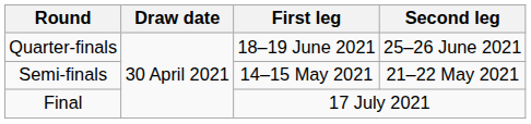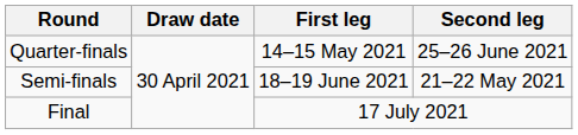 <table class="wikitable" style="text-align:center">
 <tr>
 <th>Round</th>
 <th>Draw date</th>
 <th>First leg</th>
 <th>Second leg</th>
 </tr>
 <tr>
 <td>Quarter-finals</td>
 <td rowspan=3>30 April 2021</td>
-<td>18–19 June 2021</td>
+<td>14–15 May 2021</td>
 <td>25–26 June 2021</td>
 </tr>
 <tr>
 <td>Semi-finals</td>
-<td>14–15 May 2021</td>
+<td>18–19 June 2021</td>
 <td>21–22 May 2021</td>
 </tr>
 <tr>
 <td>Final</td>
 <td colspan=2>17 July 2021</td>
 </tr>
 </table>
